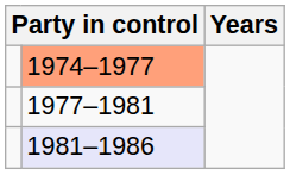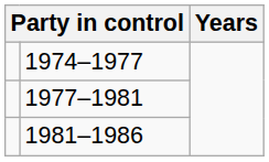 <table class="wikitable">
 <tr>
 <th colspan=2>Party in control</th>
 <th>Years</th>
 </tr>
 <tr>
 <td></td>
-<td style="background: lightsalmon;">1974–1977</td>
+<td>1974–1977</td>
 </tr>
 <tr>
 <td></td>
 <td>1977–1981</td>
 </tr>
 <tr>
 <td></td>
-<td style="background: lavender;">1981–1986</td>
+<td>1981–1986</td>
 </tr>
 </table>
